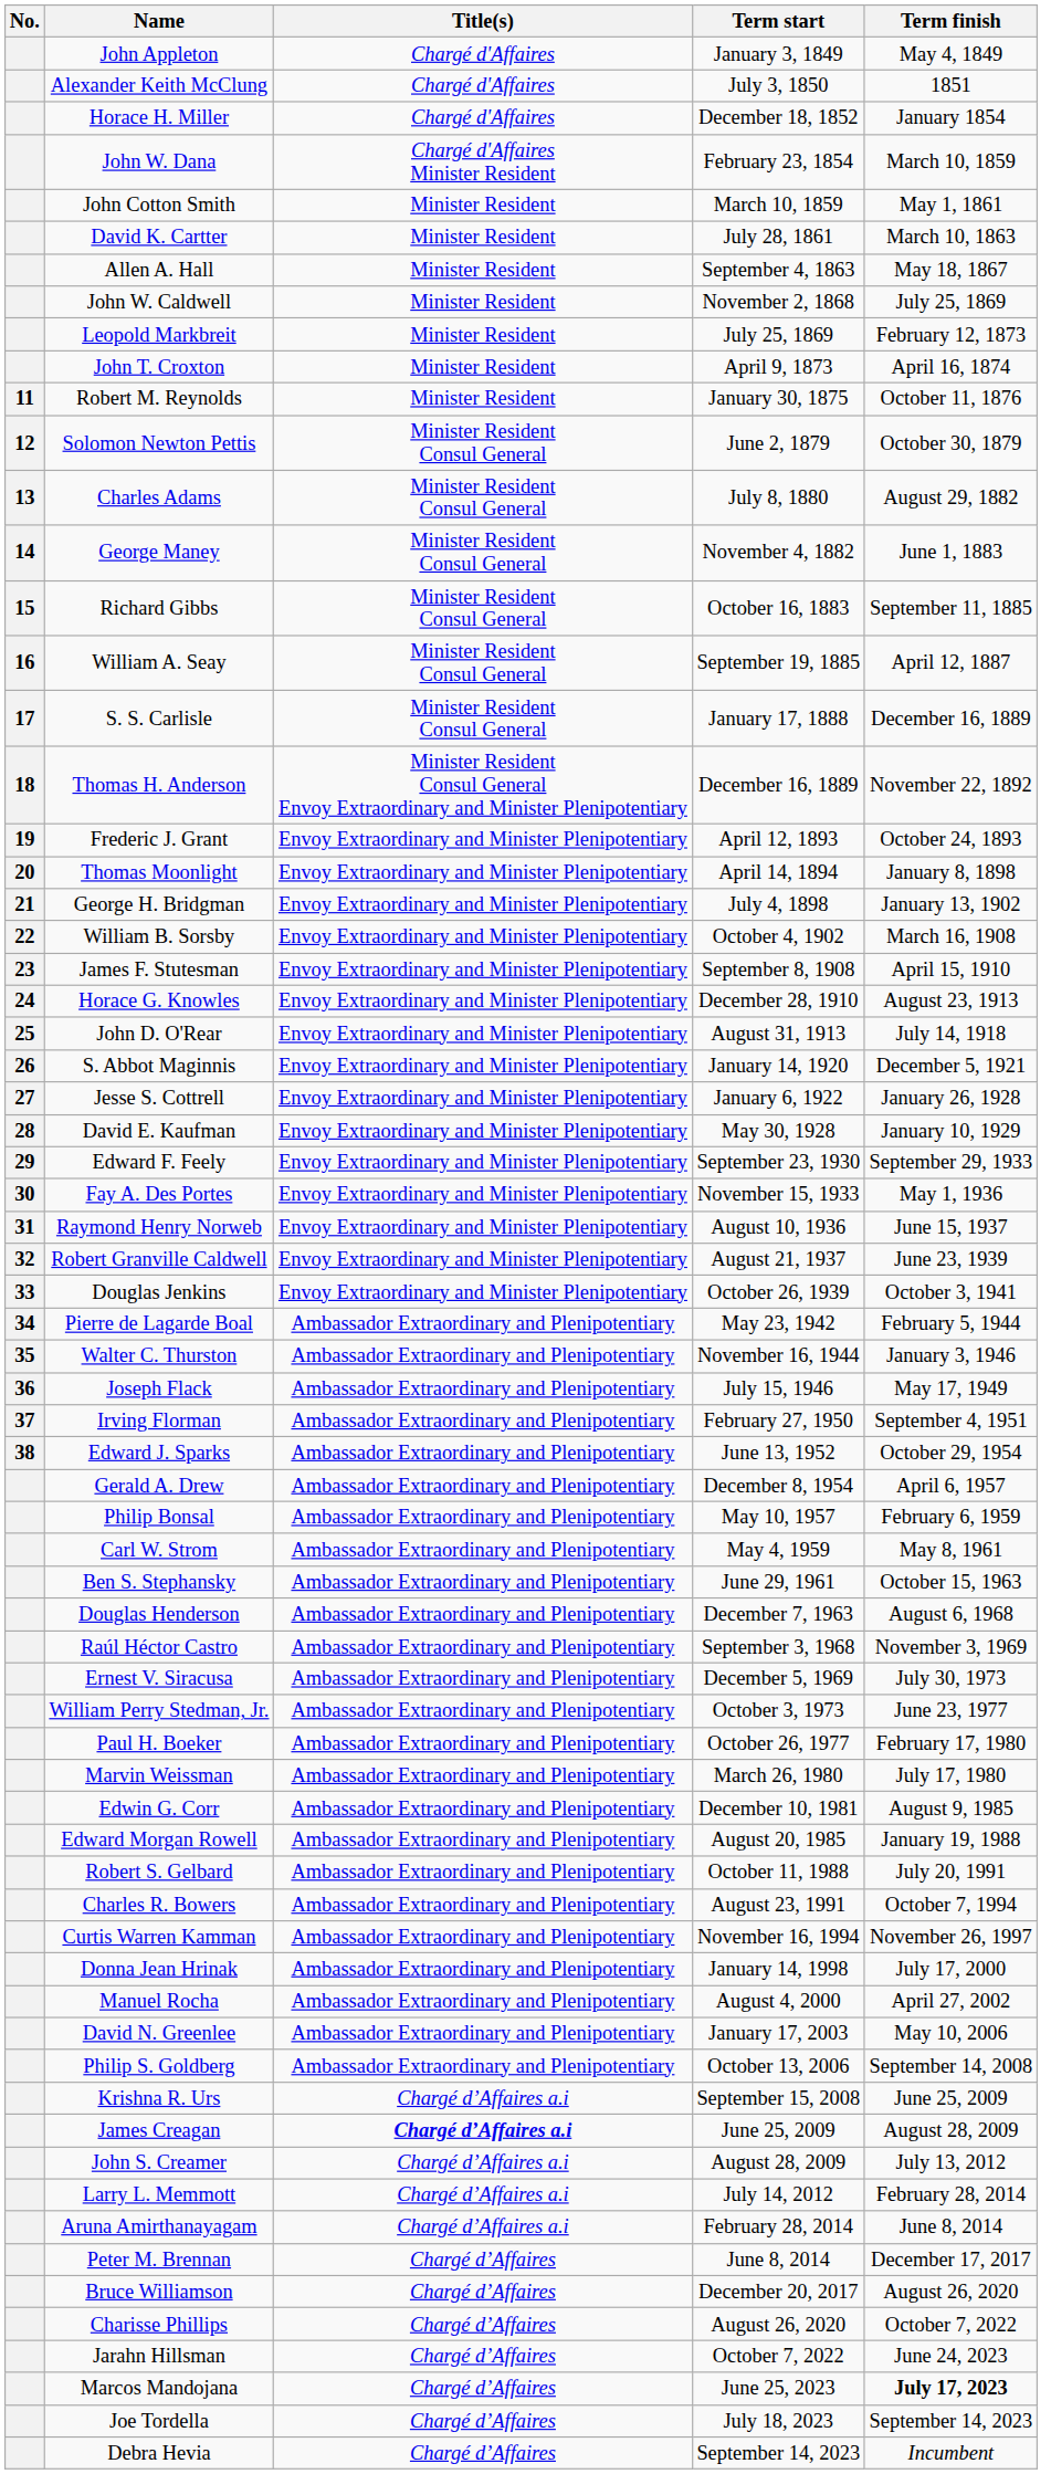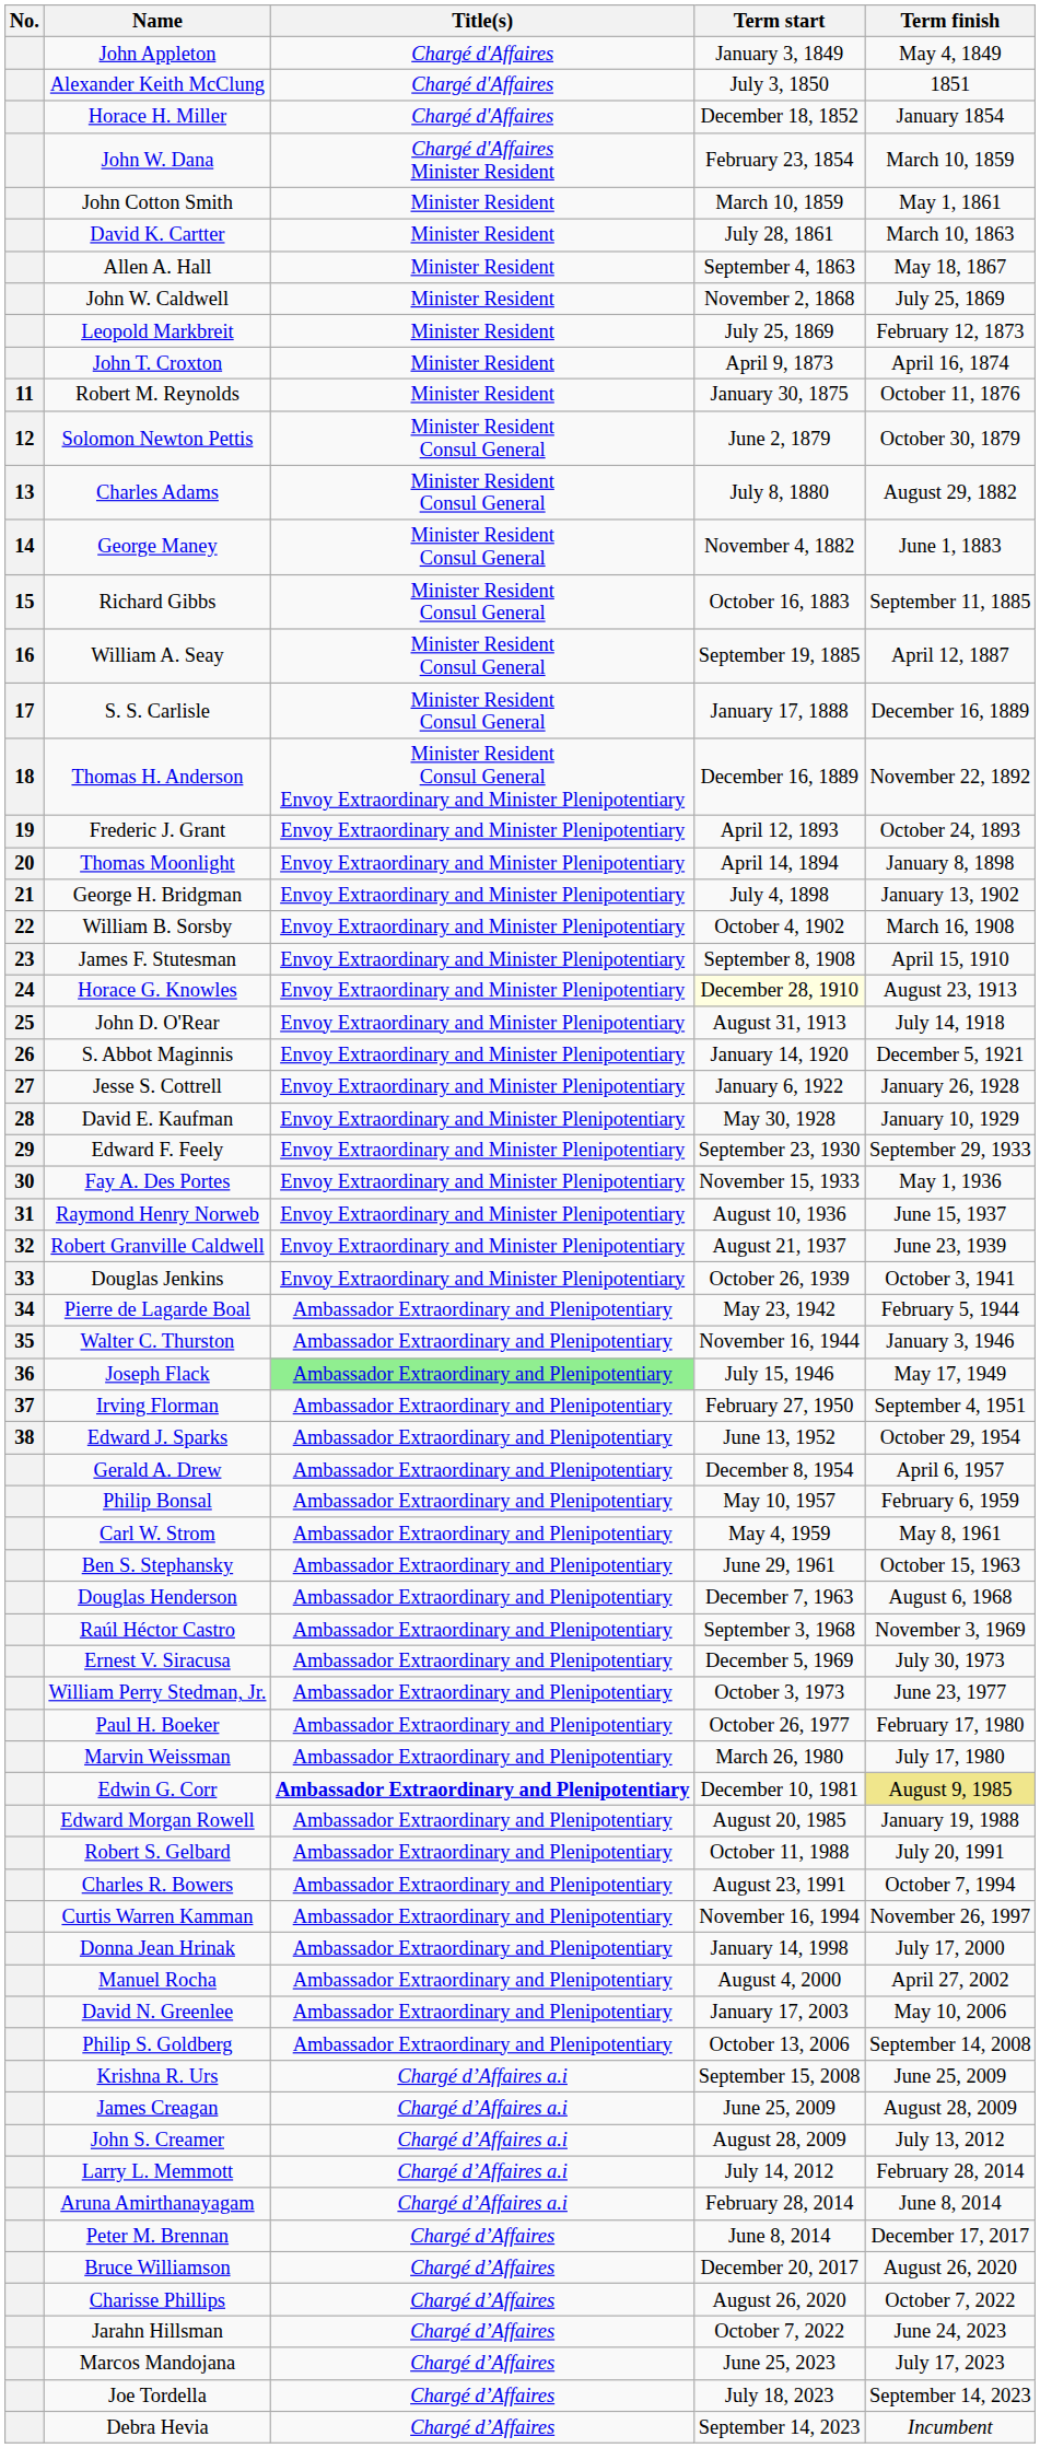 <table class="wikitable sortable" style="text-align:center">
 <tr>
 <th scope="col">No.</th>
 <th scope="col">Name</th>
 <th scope="col">Title(s)</th>
 <th scope="col">Term start</th>
 <th scope="col">Term finish</th>
 </tr>
 <tr>
 <th scope="row"></th>
 <td><a href='#'>John Appleton</a></td>
 <td><em><a href='#'>Chargé d'Affaires</a></em></td>
 <td>January 3, 1849</td>
 <td>May 4, 1849</td>
 </tr>
 <tr>
 <th scope="row"></th>
 <td><a href='#'>Alexander Keith McClung</a></td>
 <td><em><a href='#'>Chargé d'Affaires</a></em></td>
 <td>July 3, 1850</td>
 <td>1851</td>
 </tr>
 <tr>
 <th scope="row"></th>
 <td><a href='#'>Horace H. Miller</a></td>
 <td><em><a href='#'>Chargé d'Affaires</a></em></td>
 <td>December 18, 1852</td>
 <td>January 1854</td>
 </tr>
 <tr>
 <th scope="row"></th>
 <td><a href='#'>John W. Dana</a></td>
 <td><em><a href='#'>Chargé d'Affaires</a></em><br><a href='#'>Minister Resident</a></td>
 <td>February 23, 1854</td>
 <td>March 10, 1859</td>
 </tr>
 <tr>
 <th scope="row"></th>
 <td>John Cotton Smith</td>
 <td><a href='#'>Minister Resident</a></td>
 <td>March 10, 1859</td>
 <td>May 1, 1861</td>
 </tr>
 <tr>
 <th scope="row"></th>
 <td><a href='#'>David K. Cartter</a></td>
 <td><a href='#'>Minister Resident</a></td>
 <td>July 28, 1861</td>
 <td>March 10, 1863</td>
 </tr>
 <tr>
 <th scope="row"></th>
 <td>Allen A. Hall</td>
 <td><a href='#'>Minister Resident</a></td>
 <td>September 4, 1863</td>
 <td>May 18, 1867</td>
 </tr>
 <tr>
 <th scope="row"></th>
 <td>John W. Caldwell</td>
 <td><a href='#'>Minister Resident</a></td>
 <td>November 2, 1868</td>
 <td>July 25, 1869</td>
 </tr>
 <tr>
 <th scope="row"></th>
 <td><a href='#'>Leopold Markbreit</a></td>
 <td><a href='#'>Minister Resident</a></td>
 <td>July 25, 1869</td>
 <td>February 12, 1873</td>
 </tr>
 <tr>
 <th scope="row"></th>
 <td><a href='#'>John T. Croxton</a></td>
 <td><a href='#'>Minister Resident</a></td>
 <td>April 9, 1873</td>
 <td>April 16, 1874</td>
 </tr>
 <tr>
 <th scope="row">11</th>
 <td>Robert M. Reynolds</td>
 <td><a href='#'>Minister Resident</a></td>
 <td>January 30, 1875</td>
 <td>October 11, 1876</td>
 </tr>
 <tr>
 <th scope="row">12</th>
 <td><a href='#'>Solomon Newton Pettis</a></td>
 <td><a href='#'>Minister Resident</a><br><a href='#'>Consul General</a></td>
 <td>June 2, 1879</td>
 <td>October 30, 1879</td>
 </tr>
 <tr>
 <th scope="row">13</th>
 <td><a href='#'>Charles Adams</a></td>
 <td><a href='#'>Minister Resident</a><br><a href='#'>Consul General</a></td>
 <td>July 8, 1880</td>
 <td>August 29, 1882</td>
 </tr>
 <tr>
 <th scope="row">14</th>
 <td><a href='#'>George Maney</a></td>
 <td><a href='#'>Minister Resident</a><br><a href='#'>Consul General</a></td>
 <td>November 4, 1882</td>
 <td>June 1, 1883</td>
 </tr>
 <tr>
 <th scope="row">15</th>
 <td>Richard Gibbs</td>
 <td><a href='#'>Minister Resident</a><br><a href='#'>Consul General</a></td>
 <td>October 16, 1883</td>
 <td>September 11, 1885</td>
 </tr>
 <tr>
 <th scope="row">16</th>
 <td>William A. Seay</td>
 <td><a href='#'>Minister Resident</a><br><a href='#'>Consul General</a></td>
 <td>September 19, 1885</td>
 <td>April 12, 1887</td>
 </tr>
 <tr>
 <th scope="row">17</th>
 <td>S. S. Carlisle</td>
 <td><a href='#'>Minister Resident</a><br><a href='#'>Consul General</a></td>
 <td>January 17, 1888</td>
 <td>December 16, 1889</td>
 </tr>
 <tr>
 <th scope="row">18</th>
 <td><a href='#'>Thomas H. Anderson</a></td>
 <td><a href='#'>Minister Resident</a><br><a href='#'>Consul General</a><br><a href='#'>Envoy Extraordinary and Minister Plenipotentiary</a></td>
 <td>December 16, 1889</td>
 <td>November 22, 1892</td>
 </tr>
 <tr>
 <th scope="row">19</th>
 <td>Frederic J. Grant</td>
 <td><a href='#'>Envoy Extraordinary and Minister Plenipotentiary</a></td>
 <td>April 12, 1893</td>
 <td>October 24, 1893</td>
 </tr>
 <tr>
 <th scope="row">20</th>
 <td><a href='#'>Thomas Moonlight</a></td>
 <td><a href='#'>Envoy Extraordinary and Minister Plenipotentiary</a></td>
 <td>April 14, 1894</td>
 <td>January 8, 1898</td>
 </tr>
 <tr>
 <th scope="row">21</th>
 <td>George H. Bridgman</td>
 <td><a href='#'>Envoy Extraordinary and Minister Plenipotentiary</a></td>
 <td>July 4, 1898</td>
 <td>January 13, 1902</td>
 </tr>
 <tr>
 <th scope="row">22</th>
 <td>William B. Sorsby</td>
 <td><a href='#'>Envoy Extraordinary and Minister Plenipotentiary</a></td>
 <td>October 4, 1902</td>
 <td>March 16, 1908</td>
 </tr>
 <tr>
 <th scope="row">23</th>
 <td>James F. Stutesman</td>
 <td><a href='#'>Envoy Extraordinary and Minister Plenipotentiary</a></td>
 <td>September 8, 1908</td>
 <td>April 15, 1910</td>
 </tr>
 <tr>
 <th scope="row">24</th>
 <td><a href='#'>Horace G. Knowles</a></td>
 <td><a href='#'>Envoy Extraordinary and Minister Plenipotentiary</a></td>
-<td>December 28, 1910</td>
+<td style="background: lightyellow;">December 28, 1910</td>
 <td>August 23, 1913</td>
 </tr>
 <tr>
 <th scope="row">25</th>
 <td>John D. O'Rear</td>
 <td><a href='#'>Envoy Extraordinary and Minister Plenipotentiary</a></td>
 <td>August 31, 1913</td>
 <td>July 14, 1918</td>
 </tr>
 <tr>
 <th scope="row">26</th>
 <td>S. Abbot Maginnis</td>
 <td><a href='#'>Envoy Extraordinary and Minister Plenipotentiary</a></td>
 <td>January 14, 1920</td>
 <td>December 5, 1921</td>
 </tr>
 <tr>
 <th scope="row">27</th>
 <td>Jesse S. Cottrell</td>
 <td><a href='#'>Envoy Extraordinary and Minister Plenipotentiary</a></td>
 <td>January 6, 1922</td>
 <td>January 26, 1928</td>
 </tr>
 <tr>
 <th scope="row">28</th>
 <td>David E. Kaufman</td>
 <td><a href='#'>Envoy Extraordinary and Minister Plenipotentiary</a></td>
 <td>May 30, 1928</td>
 <td>January 10, 1929</td>
 </tr>
 <tr>
 <th scope="row">29</th>
 <td>Edward F. Feely</td>
 <td><a href='#'>Envoy Extraordinary and Minister Plenipotentiary</a></td>
 <td>September 23, 1930</td>
 <td>September 29, 1933</td>
 </tr>
 <tr>
 <th scope="row">30</th>
 <td><a href='#'>Fay A. Des Portes</a></td>
 <td><a href='#'>Envoy Extraordinary and Minister Plenipotentiary</a></td>
 <td>November 15, 1933</td>
 <td>May 1, 1936</td>
 </tr>
 <tr>
 <th scope="row">31</th>
 <td><a href='#'>Raymond Henry Norweb</a></td>
 <td><a href='#'>Envoy Extraordinary and Minister Plenipotentiary</a></td>
 <td>August 10, 1936</td>
 <td>June 15, 1937</td>
 </tr>
 <tr>
 <th scope="row">32</th>
 <td><a href='#'>Robert Granville Caldwell</a></td>
 <td><a href='#'>Envoy Extraordinary and Minister Plenipotentiary</a></td>
 <td>August 21, 1937</td>
 <td>June 23, 1939</td>
 </tr>
 <tr>
 <th scope="row">33</th>
 <td>Douglas Jenkins</td>
 <td><a href='#'>Envoy Extraordinary and Minister Plenipotentiary</a></td>
 <td>October 26, 1939</td>
 <td>October 3, 1941</td>
 </tr>
 <tr>
 <th scope="row">34</th>
 <td><a href='#'>Pierre de Lagarde Boal</a></td>
 <td><a href='#'>Ambassador Extraordinary and Plenipotentiary</a></td>
 <td>May 23, 1942</td>
 <td>February 5, 1944</td>
 </tr>
 <tr>
 <th scope="row">35</th>
 <td><a href='#'>Walter C. Thurston</a></td>
 <td><a href='#'>Ambassador Extraordinary and Plenipotentiary</a></td>
 <td>November 16, 1944</td>
 <td>January 3, 1946</td>
 </tr>
 <tr>
 <th scope="row">36</th>
 <td><a href='#'>Joseph Flack</a></td>
-<td><a href='#'>Ambassador Extraordinary and Plenipotentiary</a></td>
+<td style="background: lightgreen;"><a href='#'>Ambassador Extraordinary and Plenipotentiary</a></td>
 <td>July 15, 1946</td>
 <td>May 17, 1949</td>
 </tr>
 <tr>
 <th scope="row">37</th>
 <td><a href='#'>Irving Florman</a></td>
 <td><a href='#'>Ambassador Extraordinary and Plenipotentiary</a></td>
 <td>February 27, 1950</td>
 <td>September 4, 1951</td>
 </tr>
 <tr>
 <th scope="row">38</th>
 <td><a href='#'>Edward J. Sparks</a></td>
 <td><a href='#'>Ambassador Extraordinary and Plenipotentiary</a></td>
 <td>June 13, 1952</td>
 <td>October 29, 1954</td>
 </tr>
 <tr>
 <th scope="row"></th>
 <td><a href='#'>Gerald A. Drew</a></td>
 <td><a href='#'>Ambassador Extraordinary and Plenipotentiary</a></td>
 <td>December 8, 1954</td>
 <td>April 6, 1957</td>
 </tr>
 <tr>
 <th scope="row"></th>
 <td><a href='#'>Philip Bonsal</a></td>
 <td><a href='#'>Ambassador Extraordinary and Plenipotentiary</a></td>
 <td>May 10, 1957</td>
 <td>February 6, 1959</td>
 </tr>
 <tr>
 <th scope="row"></th>
 <td><a href='#'>Carl W. Strom</a></td>
 <td><a href='#'>Ambassador Extraordinary and Plenipotentiary</a></td>
 <td>May 4, 1959</td>
 <td>May 8, 1961</td>
 </tr>
 <tr>
 <th scope="row"></th>
 <td><a href='#'>Ben S. Stephansky</a></td>
 <td><a href='#'>Ambassador Extraordinary and Plenipotentiary</a></td>
 <td>June 29, 1961</td>
 <td>October 15, 1963</td>
 </tr>
 <tr>
 <th scope="row"></th>
 <td><a href='#'>Douglas Henderson</a></td>
 <td><a href='#'>Ambassador Extraordinary and Plenipotentiary</a></td>
 <td>December 7, 1963</td>
 <td>August 6, 1968</td>
 </tr>
 <tr>
 <th scope="row"></th>
 <td><a href='#'>Raúl Héctor Castro</a></td>
 <td><a href='#'>Ambassador Extraordinary and Plenipotentiary</a></td>
 <td>September 3, 1968</td>
 <td>November 3, 1969</td>
 </tr>
 <tr>
 <th scope="row"></th>
 <td><a href='#'>Ernest V. Siracusa</a></td>
 <td><a href='#'>Ambassador Extraordinary and Plenipotentiary</a></td>
 <td>December 5, 1969</td>
 <td>July 30, 1973</td>
 </tr>
 <tr>
 <th scope="row"></th>
 <td><a href='#'>William Perry Stedman, Jr.</a></td>
 <td><a href='#'>Ambassador Extraordinary and Plenipotentiary</a></td>
 <td>October 3, 1973</td>
 <td>June 23, 1977</td>
 </tr>
 <tr>
 <th scope="row"></th>
 <td><a href='#'>Paul H. Boeker</a></td>
 <td><a href='#'>Ambassador Extraordinary and Plenipotentiary</a></td>
 <td>October 26, 1977</td>
 <td>February 17, 1980</td>
 </tr>
 <tr>
 <th scope="row"></th>
 <td><a href='#'>Marvin Weissman</a></td>
 <td><a href='#'>Ambassador Extraordinary and Plenipotentiary</a></td>
 <td>March 26, 1980</td>
 <td>July 17, 1980</td>
 </tr>
 <tr>
 <th scope="row"></th>
 <td><a href='#'>Edwin G. Corr</a></td>
-<td><a href='#'>Ambassador Extraordinary and Plenipotentiary</a></td>
+<td><strong><a href='#'>Ambassador Extraordinary and Plenipotentiary</a></strong></td>
 <td>December 10, 1981</td>
-<td>August 9, 1985</td>
+<td style="background: khaki;">August 9, 1985</td>
 </tr>
 <tr>
 <th scope="row"></th>
 <td><a href='#'>Edward Morgan Rowell</a></td>
 <td><a href='#'>Ambassador Extraordinary and Plenipotentiary</a></td>
 <td>August 20, 1985</td>
 <td>January 19, 1988</td>
 </tr>
 <tr>
 <th scope="row"></th>
 <td><a href='#'>Robert S. Gelbard</a></td>
 <td><a href='#'>Ambassador Extraordinary and Plenipotentiary</a></td>
 <td>October 11, 1988</td>
 <td>July 20, 1991</td>
 </tr>
 <tr>
 <th scope="row"></th>
 <td><a href='#'>Charles R. Bowers</a></td>
 <td><a href='#'>Ambassador Extraordinary and Plenipotentiary</a></td>
 <td>August 23, 1991</td>
 <td>October 7, 1994</td>
 </tr>
 <tr>
 <th scope="row"></th>
 <td><a href='#'>Curtis Warren Kamman</a></td>
 <td><a href='#'>Ambassador Extraordinary and Plenipotentiary</a></td>
 <td>November 16, 1994</td>
 <td>November 26, 1997</td>
 </tr>
 <tr>
 <th scope="row"></th>
 <td><a href='#'>Donna Jean Hrinak</a></td>
 <td><a href='#'>Ambassador Extraordinary and Plenipotentiary</a></td>
 <td>January 14, 1998</td>
 <td>July 17, 2000</td>
 </tr>
 <tr>
 <th scope="row"></th>
 <td><a href='#'>Manuel Rocha</a></td>
 <td><a href='#'>Ambassador Extraordinary and Plenipotentiary</a></td>
 <td>August 4, 2000</td>
 <td>April 27, 2002</td>
 </tr>
 <tr>
 <th scope="row"></th>
 <td><a href='#'>David N. Greenlee</a></td>
 <td><a href='#'>Ambassador Extraordinary and Plenipotentiary</a></td>
 <td>January 17, 2003</td>
 <td>May 10, 2006</td>
 </tr>
 <tr>
 <th scope="row"></th>
 <td><a href='#'>Philip S. Goldberg</a></td>
 <td><a href='#'>Ambassador Extraordinary and Plenipotentiary</a></td>
 <td>October 13, 2006</td>
 <td>September 14, 2008</td>
 </tr>
 <tr>
 <th scope="row'"></th>
 <td><a href='#'>Krishna R. Urs</a></td>
 <td><em><a href='#'>Chargé d’Affaires a.i</a></em></td>
 <td>September 15, 2008</td>
 <td>June 25, 2009</td>
 </tr>
 <tr>
 <th scope="row"></th>
 <td><a href='#'>James Creagan</a></td>
-<td><strong><em><a href='#'>Chargé d’Affaires a.i</a></em></strong></td>
+<td><em><a href='#'>Chargé d’Affaires a.i</a></em></td>
 <td>June 25, 2009</td>
 <td>August 28, 2009</td>
 </tr>
 <tr>
 <th scope="row"></th>
 <td><a href='#'>John S. Creamer</a></td>
 <td><em><a href='#'>Chargé d’Affaires a.i</a></em></td>
 <td>August 28, 2009</td>
 <td>July 13, 2012</td>
 </tr>
 <tr>
 <th scope="row"></th>
 <td><a href='#'>Larry L. Memmott</a></td>
 <td><em><a href='#'>Chargé d’Affaires a.i</a></em></td>
 <td>July 14, 2012</td>
 <td>February 28, 2014</td>
 </tr>
 <tr>
 <th scope="row"></th>
 <td><a href='#'>Aruna Amirthanayagam</a></td>
 <td><em><a href='#'>Chargé d’Affaires a.i</a></em></td>
 <td>February 28, 2014</td>
 <td>June 8, 2014</td>
 </tr>
 <tr>
 <th scope="row"></th>
 <td><a href='#'>Peter M. Brennan</a></td>
 <td><em><a href='#'>Chargé d’Affaires</a></em></td>
 <td>June 8, 2014</td>
 <td>December 17, 2017</td>
 </tr>
 <tr>
 <th scope="row"></th>
 <td><a href='#'>Bruce Williamson</a></td>
 <td><em><a href='#'>Chargé d’Affaires</a></em></td>
 <td>December 20, 2017</td>
 <td>August 26, 2020</td>
 </tr>
 <tr>
 <th scope="row"></th>
 <td><a href='#'>Charisse Phillips</a></td>
 <td><em><a href='#'>Chargé d’Affaires</a></em></td>
 <td>August 26, 2020</td>
 <td>October 7, 2022</td>
 </tr>
 <tr>
 <th scope="row"></th>
 <td>Jarahn Hillsman</td>
 <td><em><a href='#'>Chargé d’Affaires</a></em></td>
 <td>October 7, 2022</td>
 <td>June 24, 2023</td>
 </tr>
 <tr>
 <th scope="row"></th>
 <td>Marcos Mandojana</td>
 <td><em><a href='#'>Chargé d’Affaires</a></em></td>
 <td>June 25, 2023</td>
-<td><strong>July 17, 2023</strong></td>
+<td>July 17, 2023</td>
 </tr>
 <tr>
 <th scope="row"></th>
 <td>Joe Tordella</td>
 <td><em><a href='#'>Chargé d’Affaires</a></em></td>
 <td>July 18, 2023</td>
 <td>September 14, 2023</td>
 </tr>
 <tr>
 <th scope="row"></th>
 <td>Debra Hevia</td>
 <td><em><a href='#'>Chargé d’Affaires</a></em></td>
 <td>September 14, 2023</td>
 <td><em>Incumbent</em></td>
 </tr>
 </table>
